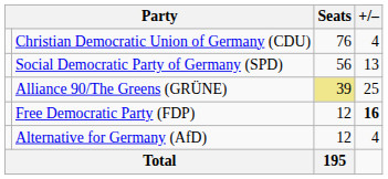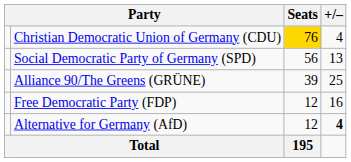 <table class="wikitable floatright" style="text-align:right">
 <tr>
 <th colspan=2>Party</th>
 <th rowspan=1>Seats</th>
 <th rowspan=1>+/–</th>
 </tr>
 <tr>
 <td bgcolor=></td>
 <td align=left><a href='#'>Christian Democratic Union of Germany</a> (CDU)</td>
-<td>76</td>
+<td style="background: gold;">76</td>
 <td> 4</td>
 </tr>
 <tr>
 <td bgcolor=></td>
 <td align=left><a href='#'>Social Democratic Party of Germany</a> (SPD)</td>
 <td>56</td>
 <td> 13</td>
 </tr>
 <tr>
 <td bgcolor=></td>
 <td align=left><a href='#'>Alliance 90/The Greens</a> (GRÜNE)</td>
-<td style="background: khaki;">39</td>
+<td>39</td>
 <td> 25</td>
 </tr>
 <tr>
 <td bgcolor=></td>
 <td align=left><a href='#'>Free Democratic Party</a> (FDP)</td>
 <td>12</td>
-<td><strong> 16</strong></td>
+<td> 16</td>
 </tr>
 <tr>
 <td bgcolor=></td>
 <td align=left><a href='#'>Alternative for Germany</a> (AfD)</td>
 <td>12</td>
-<td> 4</td>
+<td><strong> 4</strong></td>
 </tr>
 <tr>
 <th colspan=2>Total</th>
 <th>195</th>
 </tr>
 </table>
